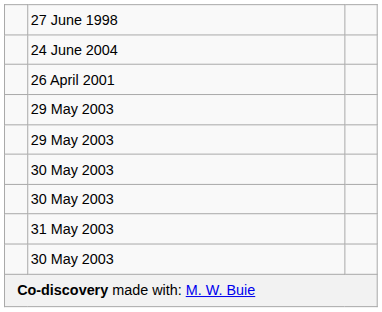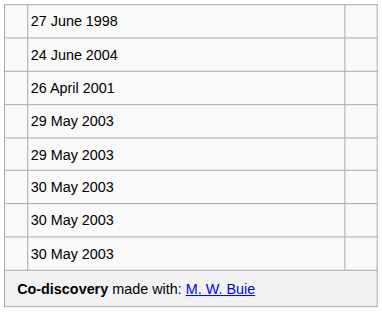 <table class="wikitable" style="font-size: 89%; float: left; width: 26em; margin-right: 1em; height: 300px;">
 <tr>
 <td></td>
 <td>27 June 1998</td>
 <td></td>
 </tr>
 <tr>
 <td></td>
 <td>24 June 2004</td>
 <td></td>
 </tr>
 <tr>
 <td></td>
 <td>26 April 2001</td>
 <td> </td>
 </tr>
 <tr>
 <td></td>
 <td>29 May 2003</td>
 <td> </td>
 </tr>
 <tr>
 <td></td>
 <td>29 May 2003</td>
 <td> </td>
 </tr>
 <tr>
 <td></td>
 <td>30 May 2003</td>
 <td> </td>
 </tr>
 <tr>
 <td></td>
 <td>30 May 2003</td>
 <td> </td>
 </tr>
 <tr>
 <td></td>
-<td>31 May 2003</td>
-<td> </td>
-</tr>
-<tr>
-<td></td>
 <td>30 May 2003</td>
 <td> </td>
 </tr>
 <tr>
 <th colspan=3 style="font-weight: normal; text-align: left; padding: 4px 12px;"><strong>Co-discovery</strong> made with:  <a href='#'>M. W. Buie</a></th>
 </tr>
 </table>
